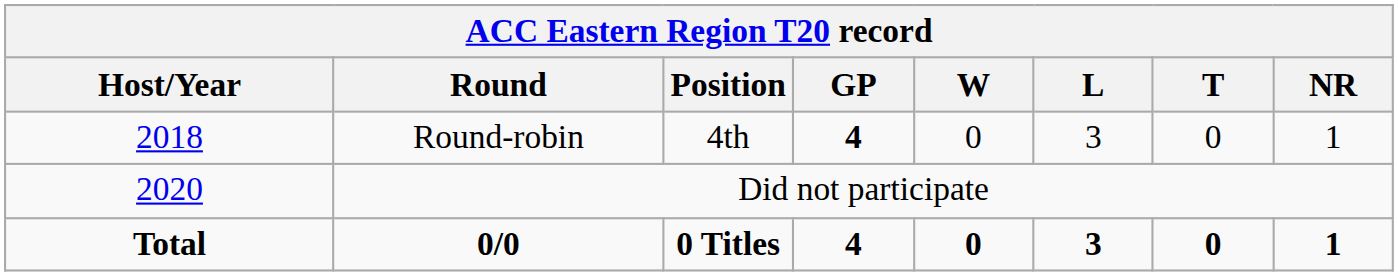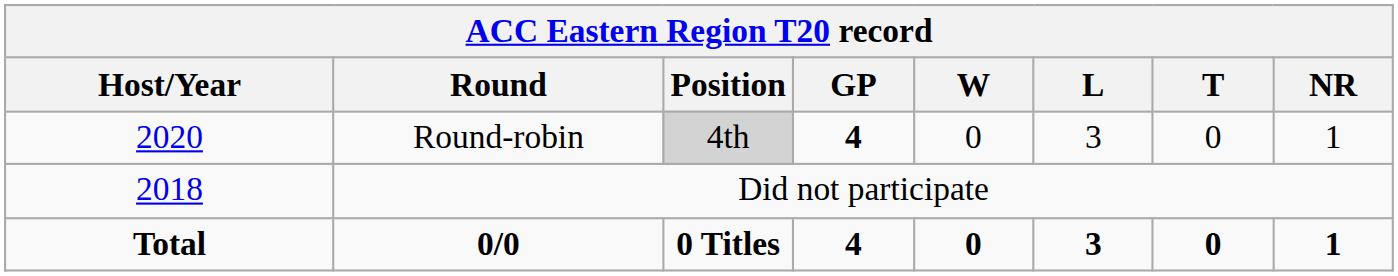 <table class="wikitable" style="text-align: center;">
 <tr>
 <th colspan=8><a href='#'>ACC Eastern Region T20</a> record</th>
 </tr>
 <tr>
 <th width=150>Host/Year</th>
 <th width=150>Round</th>
 <th width=50>Position</th>
 <th width=50>GP</th>
 <th width=50>W</th>
 <th width=50>L</th>
 <th width=50>T</th>
 <th width=50>NR</th>
 </tr>
 <tr>
-<td> <a href='#'>2018</a></td>
+<td> <a href='#'>2020</a></td>
 <td>Round-robin</td>
-<td>4th</td>
+<td style="background: lightgrey;">4th</td>
 <td><strong>4</strong></td>
 <td>0</td>
 <td>3</td>
 <td>0</td>
 <td>1</td>
 </tr>
 <tr>
-<td> <a href='#'>2020</a></td>
+<td> <a href='#'>2018</a></td>
 <td colspan=8>Did not participate</td>
 </tr>
 <tr>
 <td><strong>Total</strong></td>
 <td><strong>0/0</strong></td>
 <td><strong>0 Titles</strong></td>
 <td><strong>4</strong></td>
 <td><strong>0</strong></td>
 <td><strong>3</strong></td>
 <td><strong>0</strong></td>
 <td><strong>1</strong></td>
 </tr>
 </table>
